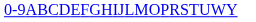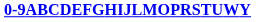 <table id="toc" class="toc" summary="Class">
 <tr>
 <th></th>
 </tr>
 <tr>
-<td style="text-align:center;"><a href='#'>0-9</a><a href='#'>A</a><a href='#'>B</a><a href='#'>C</a><a href='#'>D</a><a href='#'>E</a><a href='#'>F</a><a href='#'>G</a><a href='#'>H</a><a href='#'>I</a><a href='#'>J</a><a href='#'>L</a><a href='#'>M</a><a href='#'>O</a><a href='#'>P</a><a href='#'>R</a><a href='#'>S</a><a href='#'>T</a><a href='#'>U</a><a href='#'>W</a><a href='#'>Y</a></td>
+<td style="text-align:center;"><strong><a href='#'>0-9</a><a href='#'>A</a><a href='#'>B</a><a href='#'>C</a><a href='#'>D</a><a href='#'>E</a><a href='#'>F</a><a href='#'>G</a><a href='#'>H</a><a href='#'>I</a><a href='#'>J</a><a href='#'>L</a><a href='#'>M</a><a href='#'>O</a><a href='#'>P</a><a href='#'>R</a><a href='#'>S</a><a href='#'>T</a><a href='#'>U</a><a href='#'>W</a><a href='#'>Y</a></strong></td>
 </tr>
 </table>
